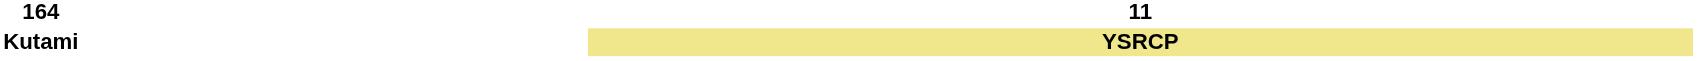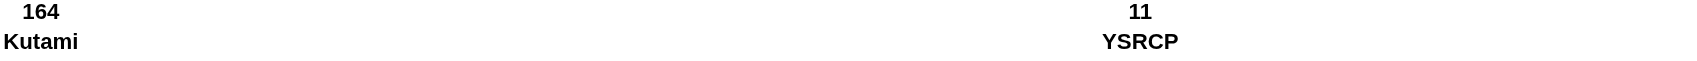 <table style="width:100%; text-align:center;">
 <tr>
 <td style="background:"><strong>164</strong></td>
 <td style="background:"><strong>11</strong></td>
 </tr>
 <tr>
 <td><span><strong>Kutami</strong></span></td>
-<td style="background: khaki;"><span><strong>YSRCP</strong></span></td>
+<td><span><strong>YSRCP</strong></span></td>
 </tr>
 </table>
